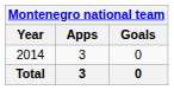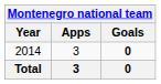 <table class="wikitable" style="text-align:center">
 <tr>
 <th colspan=3><a href='#'>Montenegro national team</a></th>
 </tr>
 <tr>
 <th>Year</th>
 <th>Apps</th>
 <th>Goals</th>
 </tr>
 <tr>
 <td>2014</td>
 <td>3</td>
-<td>0</td>
+<td><strong>0</strong></td>
 </tr>
 <tr>
 <th>Total</th>
 <th>3</th>
 <th>0</th>
 </tr>
 </table>
